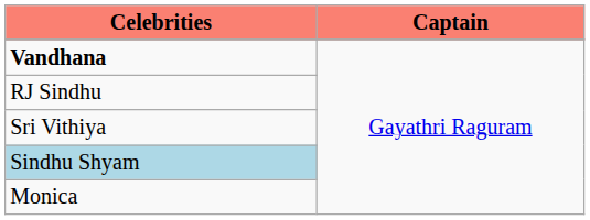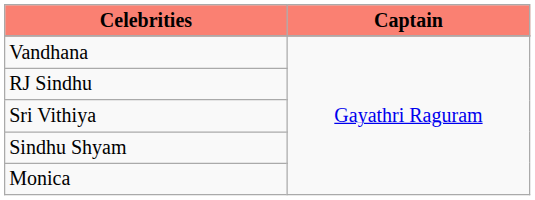 <table class="wikitable">
 <tr>
 <th style="background:salmon; color:; width:35%;">Celebrities</th>
 <th style="background:salmon; color:; width:30%;">Captain</th>
 </tr>
 <tr>
 </tr>
 <tr>
-<td><strong>Vandhana</strong></td>
+<td>Vandhana</td>
 <td align=center rowspan=5><a href='#'>Gayathri Raguram</a></td>
 </tr>
 <tr>
 <td>RJ Sindhu</td>
 </tr>
 <tr>
 <td>Sri Vithiya</td>
 </tr>
 <tr>
-<td style="background: lightblue;">Sindhu Shyam</td>
+<td>Sindhu Shyam</td>
 </tr>
 <tr>
 <td>Monica</td>
 </tr>
 </table>
